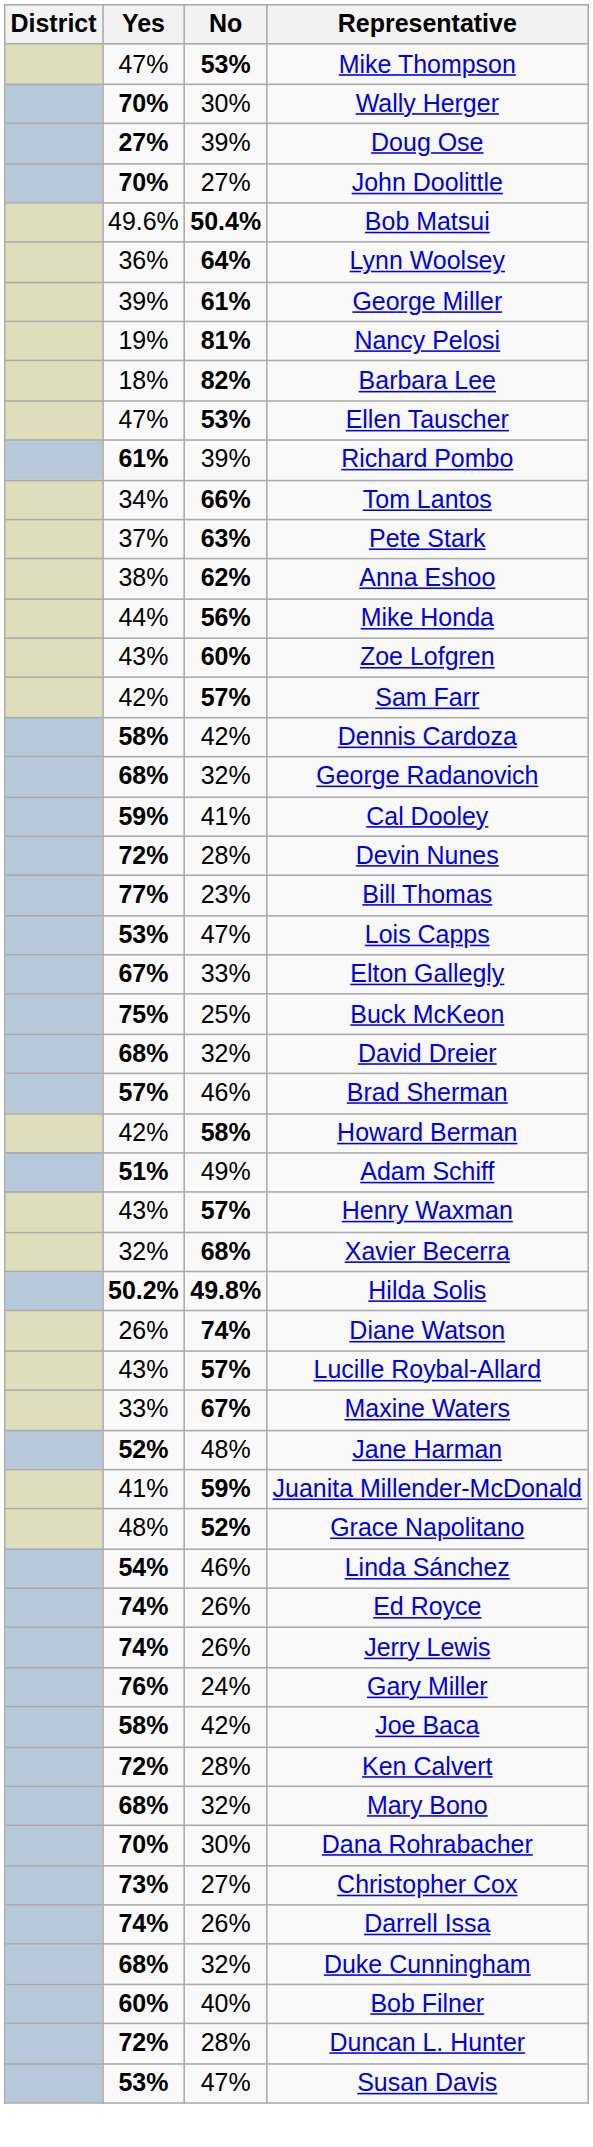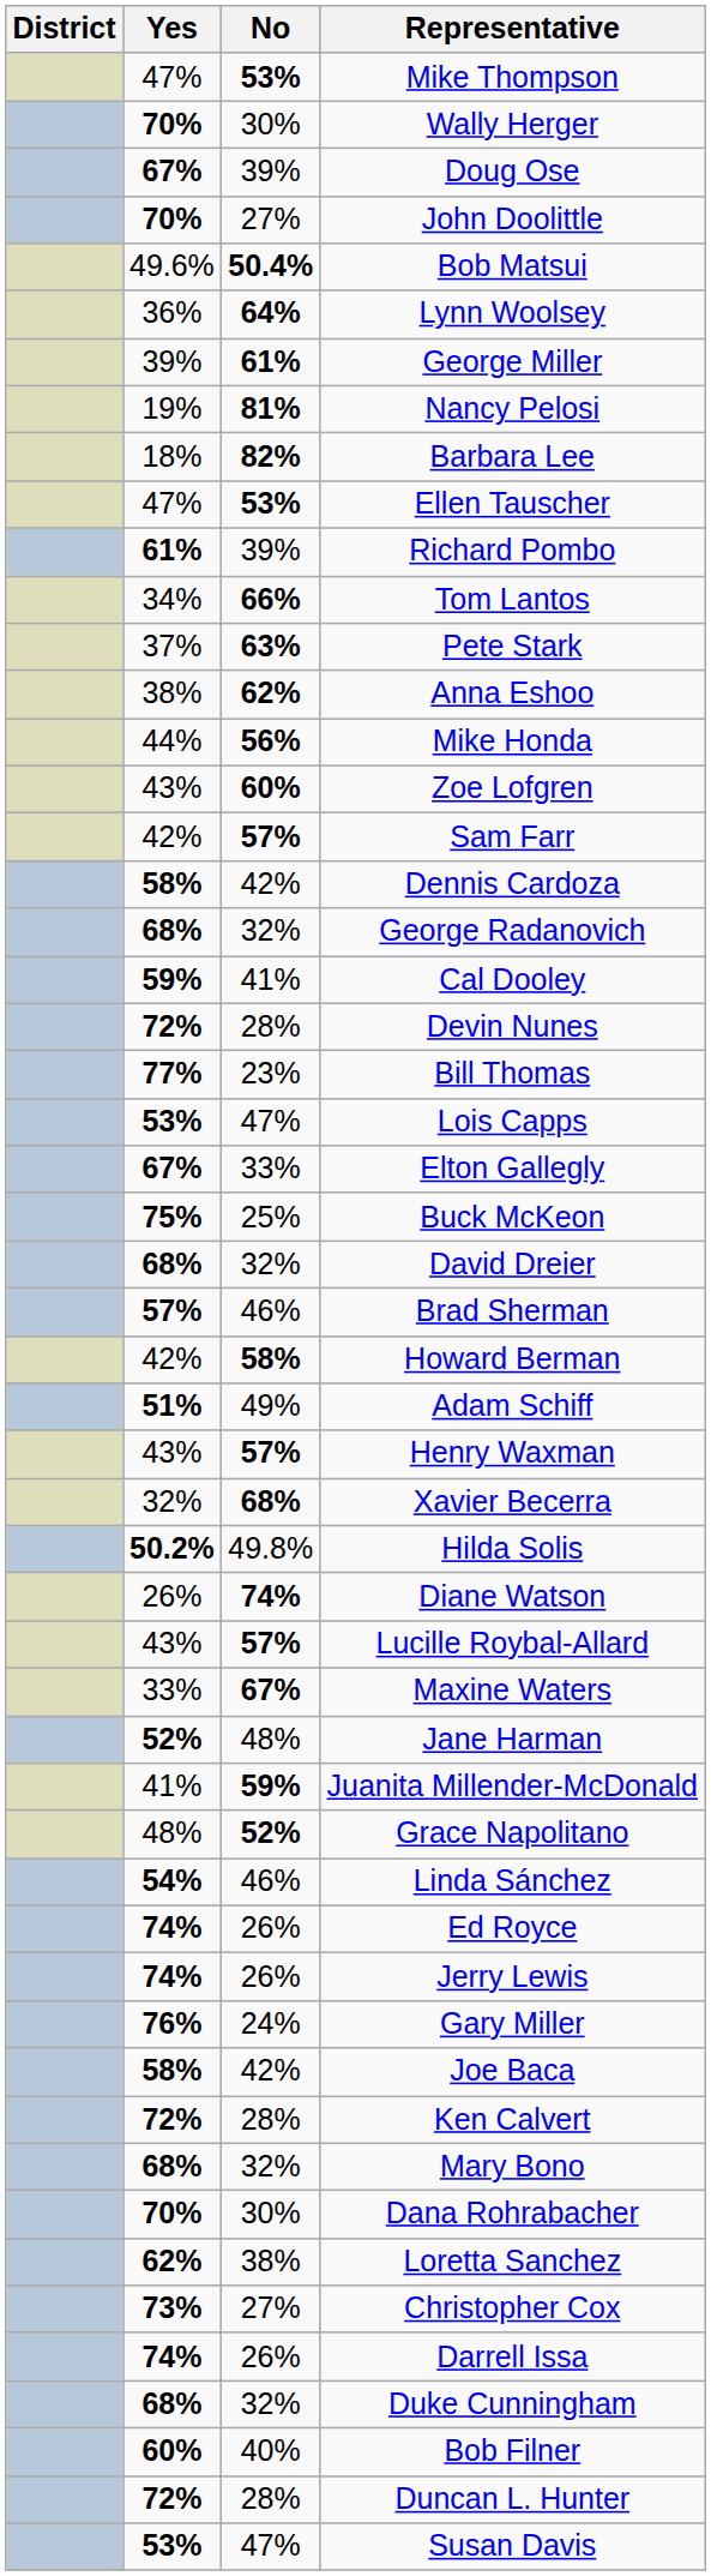 <table class="wikitable sortable">
 <tr>
 <th>District</th>
 <th>Yes</th>
 <th>No</th>
 <th>Representative</th>
 </tr>
 <tr align=center>
 <th style="background:#DEDEBD"></th>
 <td>47%</td>
 <td><strong>53%</strong></td>
 <td><a href='#'>Mike Thompson</a></td>
 </tr>
 <tr align=center>
 <th style="background:#B6C8D9"></th>
 <td><strong>70%</strong></td>
 <td>30%</td>
 <td><a href='#'>Wally Herger</a></td>
 </tr>
 <tr align=center>
 <th style="background:#B6C8D9"></th>
-<td><strong>27%</strong></td>
+<td><strong>67%</strong></td>
 <td>39%</td>
 <td><a href='#'>Doug Ose</a></td>
 </tr>
 <tr align=center>
 <th style="background:#B6C8D9"></th>
 <td><strong>70%</strong></td>
 <td>27%</td>
 <td><a href='#'>John Doolittle</a></td>
 </tr>
 <tr align=center>
 <th style="background:#DEDEBD"></th>
 <td>49.6%</td>
 <td><strong>50.4%</strong></td>
 <td><a href='#'>Bob Matsui</a></td>
 </tr>
 <tr align=center>
 <th style="background:#DEDEBD"></th>
 <td>36%</td>
 <td><strong>64%</strong></td>
 <td><a href='#'>Lynn Woolsey</a></td>
 </tr>
 <tr align=center>
 <th style="background:#DEDEBD"></th>
 <td>39%</td>
 <td><strong>61%</strong></td>
 <td><a href='#'>George Miller</a></td>
 </tr>
 <tr align=center>
 <th style="background:#DEDEBD"></th>
 <td>19%</td>
 <td><strong>81%</strong></td>
 <td><a href='#'>Nancy Pelosi</a></td>
 </tr>
 <tr align=center>
 <th style="background:#DEDEBD"></th>
 <td>18%</td>
 <td><strong>82%</strong></td>
 <td><a href='#'>Barbara Lee</a></td>
 </tr>
 <tr align=center>
 <th style="background:#DEDEBD"></th>
 <td>47%</td>
 <td><strong>53%</strong></td>
 <td><a href='#'>Ellen Tauscher</a></td>
 </tr>
 <tr align=center>
 <th style="background:#B6C8D9"></th>
 <td><strong>61%</strong></td>
 <td>39%</td>
 <td><a href='#'>Richard Pombo</a></td>
 </tr>
 <tr align=center>
 <th style="background:#DEDEBD"></th>
 <td>34%</td>
 <td><strong>66%</strong></td>
 <td><a href='#'>Tom Lantos</a></td>
 </tr>
 <tr align=center>
 <th style="background:#DEDEBD"></th>
 <td>37%</td>
 <td><strong>63%</strong></td>
 <td><a href='#'>Pete Stark</a></td>
 </tr>
 <tr align=center>
 <th style="background:#DEDEBD"></th>
 <td>38%</td>
 <td><strong>62%</strong></td>
 <td><a href='#'>Anna Eshoo</a></td>
 </tr>
 <tr align=center>
 <th style="background:#DEDEBD"></th>
 <td>44%</td>
 <td><strong>56%</strong></td>
 <td><a href='#'>Mike Honda</a></td>
 </tr>
 <tr align=center>
 <th style="background:#DEDEBD"></th>
 <td>43%</td>
 <td><strong>60%</strong></td>
 <td><a href='#'>Zoe Lofgren</a></td>
 </tr>
 <tr align=center>
 <th style="background:#DEDEBD"></th>
 <td>42%</td>
 <td><strong>57%</strong></td>
 <td><a href='#'>Sam Farr</a></td>
 </tr>
 <tr align=center>
 <th style="background:#B6C8D9"></th>
 <td><strong>58%</strong></td>
 <td>42%</td>
 <td><a href='#'>Dennis Cardoza</a></td>
 </tr>
 <tr align=center>
 <th style="background:#B6C8D9"></th>
 <td><strong>68%</strong></td>
 <td>32%</td>
 <td><a href='#'>George Radanovich</a></td>
 </tr>
 <tr align=center>
 <th style="background:#B6C8D9"></th>
 <td><strong>59%</strong></td>
 <td>41%</td>
 <td><a href='#'>Cal Dooley</a></td>
 </tr>
 <tr align=center>
 <th style="background:#B6C8D9"></th>
 <td><strong>72%</strong></td>
 <td>28%</td>
 <td><a href='#'>Devin Nunes</a></td>
 </tr>
 <tr align=center>
 <th style="background:#B6C8D9"></th>
 <td><strong>77%</strong></td>
 <td>23%</td>
 <td><a href='#'>Bill Thomas</a></td>
 </tr>
 <tr align=center>
 <th style="background:#B6C8D9"></th>
 <td><strong>53%</strong></td>
 <td>47%</td>
 <td><a href='#'>Lois Capps</a></td>
 </tr>
 <tr align=center>
 <th style="background:#B6C8D9"></th>
 <td><strong>67%</strong></td>
 <td>33%</td>
 <td><a href='#'>Elton Gallegly</a></td>
 </tr>
 <tr align=center>
 <th style="background:#B6C8D9"></th>
 <td><strong>75%</strong></td>
 <td>25%</td>
 <td><a href='#'>Buck McKeon</a></td>
 </tr>
 <tr align=center>
 <th style="background:#B6C8D9"></th>
 <td><strong>68%</strong></td>
 <td>32%</td>
 <td><a href='#'>David Dreier</a></td>
 </tr>
 <tr align=center>
 <th style="background:#B6C8D9"></th>
 <td><strong>57%</strong></td>
 <td>46%</td>
 <td><a href='#'>Brad Sherman</a></td>
 </tr>
 <tr align=center>
 <th style="background:#DEDEBD"></th>
 <td>42%</td>
 <td><strong>58%</strong></td>
 <td><a href='#'>Howard Berman</a></td>
 </tr>
 <tr align=center>
 <th style="background:#B6C8D9"></th>
 <td><strong>51%</strong></td>
 <td>49%</td>
 <td><a href='#'>Adam Schiff</a></td>
 </tr>
 <tr align=center>
 <th style="background:#DEDEBD"></th>
 <td>43%</td>
 <td><strong>57%</strong></td>
 <td><a href='#'>Henry Waxman</a></td>
 </tr>
 <tr align=center>
 <th style="background:#DEDEBD"></th>
 <td>32%</td>
 <td><strong>68%</strong></td>
 <td><a href='#'>Xavier Becerra</a></td>
 </tr>
 <tr align=center>
 <th style="background:#B6C8D9"></th>
 <td><strong>50.2%</strong></td>
-<td><strong>49.8%</strong></td>
+<td>49.8%</td>
 <td><a href='#'>Hilda Solis</a></td>
 </tr>
 <tr align=center>
 <th style="background:#DEDEBD"></th>
 <td>26%</td>
 <td><strong>74%</strong></td>
 <td><a href='#'>Diane Watson</a></td>
 </tr>
 <tr align=center>
 <th style="background:#DEDEBD"></th>
 <td>43%</td>
 <td><strong>57%</strong></td>
 <td><a href='#'>Lucille Roybal-Allard</a></td>
 </tr>
 <tr align=center>
 <th style="background:#DEDEBD"></th>
 <td>33%</td>
 <td><strong>67%</strong></td>
 <td><a href='#'>Maxine Waters</a></td>
 </tr>
 <tr align=center>
 <th style="background:#B6C8D9"></th>
 <td><strong>52%</strong></td>
 <td>48%</td>
 <td><a href='#'>Jane Harman</a></td>
 </tr>
 <tr align=center>
 <th style="background:#DEDEBD"></th>
 <td>41%</td>
 <td><strong>59%</strong></td>
 <td><a href='#'>Juanita Millender-McDonald</a></td>
 </tr>
 <tr align=center>
 <th style="background:#DEDEBD"></th>
 <td>48%</td>
 <td><strong>52%</strong></td>
 <td><a href='#'>Grace Napolitano</a></td>
 </tr>
 <tr align=center>
 <th style="background:#B6C8D9"></th>
 <td><strong>54%</strong></td>
 <td>46%</td>
 <td><a href='#'>Linda Sánchez</a></td>
 </tr>
 <tr align=center>
 <th style="background:#B6C8D9"></th>
 <td><strong>74%</strong></td>
 <td>26%</td>
 <td><a href='#'>Ed Royce</a></td>
 </tr>
 <tr align=center>
 <th style="background:#B6C8D9"></th>
 <td><strong>74%</strong></td>
 <td>26%</td>
 <td><a href='#'>Jerry Lewis</a></td>
 </tr>
 <tr align=center>
 <th style="background:#B6C8D9"></th>
 <td><strong>76%</strong></td>
 <td>24%</td>
 <td><a href='#'>Gary Miller</a></td>
 </tr>
 <tr align=center>
 <th style="background:#B6C8D9"></th>
 <td><strong>58%</strong></td>
 <td>42%</td>
 <td><a href='#'>Joe Baca</a></td>
 </tr>
 <tr align=center>
 <th style="background:#B6C8D9"></th>
 <td><strong>72%</strong></td>
 <td>28%</td>
 <td><a href='#'>Ken Calvert</a></td>
 </tr>
 <tr align=center>
 <th style="background:#B6C8D9"></th>
 <td><strong>68%</strong></td>
 <td>32%</td>
 <td><a href='#'>Mary Bono</a></td>
 </tr>
 <tr align=center>
 <th style="background:#B6C8D9"></th>
 <td><strong>70%</strong></td>
 <td>30%</td>
 <td><a href='#'>Dana Rohrabacher</a></td>
 </tr>
 <tr align=center>
 <th style="background:#B6C8D9"></th>
+<td><strong>62%</strong></td>
+<td>38%</td>
+<td><a href='#'>Loretta Sanchez</a></td>
+</tr>
+<tr align=center>
+<th style="background:#B6C8D9"></th>
 <td><strong>73%</strong></td>
 <td>27%</td>
 <td><a href='#'>Christopher Cox</a></td>
 </tr>
 <tr align=center>
 <th style="background:#B6C8D9"></th>
 <td><strong>74%</strong></td>
 <td>26%</td>
 <td><a href='#'>Darrell Issa</a></td>
 </tr>
 <tr align=center>
 <th style="background:#B6C8D9"></th>
 <td><strong>68%</strong></td>
 <td>32%</td>
 <td><a href='#'>Duke Cunningham</a></td>
 </tr>
 <tr align=center>
 <th style="background:#B6C8D9"></th>
 <td><strong>60%</strong></td>
 <td>40%</td>
 <td><a href='#'>Bob Filner</a></td>
 </tr>
 <tr align=center>
 <th style="background:#B6C8D9"></th>
 <td><strong>72%</strong></td>
 <td>28%</td>
 <td><a href='#'>Duncan L. Hunter</a></td>
 </tr>
 <tr align=center>
 <th style="background:#B6C8D9"></th>
 <td><strong>53%</strong></td>
 <td>47%</td>
 <td><a href='#'>Susan Davis</a></td>
 </tr>
 </table>
